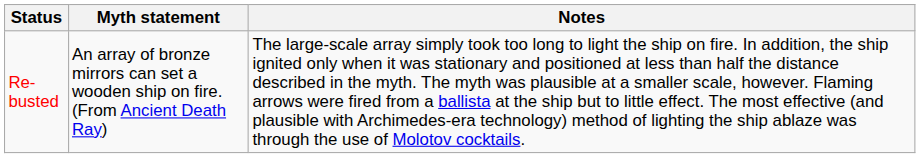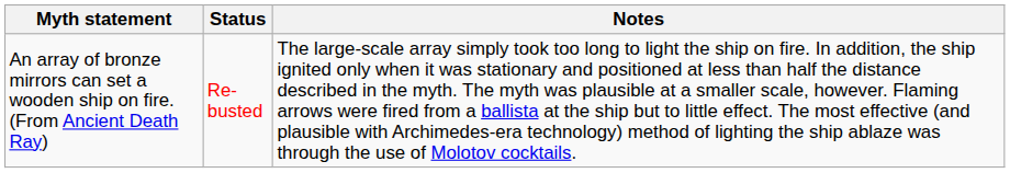 <table class="wikitable plainrowheaders">
 <tr>
+<th>Myth statement</th>
 <th>Status</th>
-<th>Myth statement</th>
 <th>Notes</th>
 </tr>
 <tr>
+<td>An array of bronze mirrors can set a wooden ship on fire. (From <a href='#'>Ancient Death Ray</a>)</td>
 <td style="color:red">Re-busted</td>
-<td>An array of bronze mirrors can set a wooden ship on fire. (From <a href='#'>Ancient Death Ray</a>)</td>
 <td>The large-scale array simply took too long to light the ship on fire. In addition, the ship ignited only when it was stationary and positioned at less than half the distance described in the myth. The myth was plausible at a smaller scale, however. Flaming arrows were fired from a <a href='#'>ballista</a> at the ship but to little effect. The most effective (and plausible with Archimedes-era technology) method of lighting the ship ablaze was through the use of <a href='#'>Molotov cocktails</a>.</td>
 </tr>
 </table>
